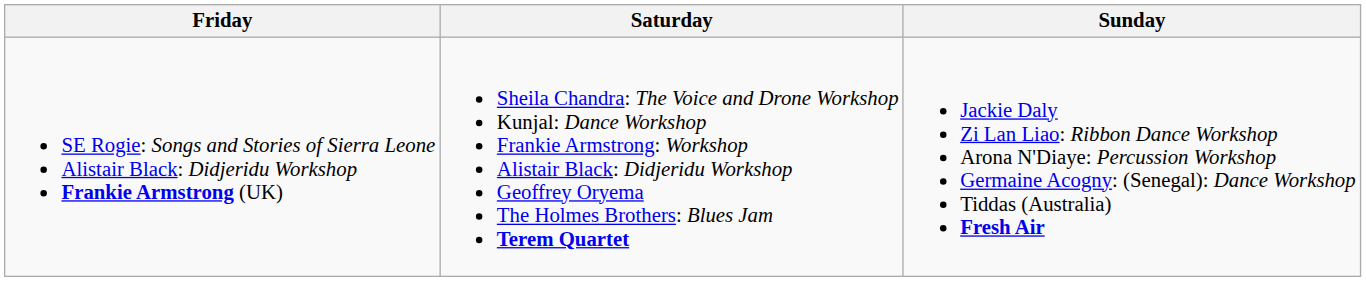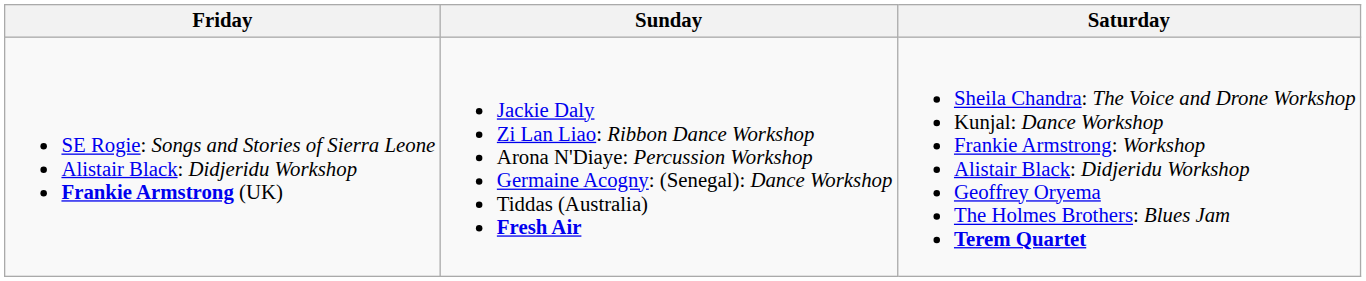 <table class="wikitable">
 <tr>
 <th>Friday</th>
+<th>Sunday</th>
 <th>Saturday</th>
-<th>Sunday</th>
 </tr>
 <tr>
 <td><br><ul><li><a href='#'>SE Rogie</a>: <em>Songs and Stories of Sierra Leone</em></li><li><a href='#'>Alistair Black</a>: <em>Didjeridu Workshop</em></li><li><strong><a href='#'>Frankie Armstrong</a></strong> (UK)</li></ul></td>
+<td><br><ul><li><a href='#'>Jackie Daly</a></li><li><a href='#'>Zi Lan Liao</a>: <em>Ribbon Dance Workshop</em></li><li>Arona N'Diaye: <em>Percussion Workshop</em></li><li><a href='#'>Germaine Acogny</a>: (Senegal): <em>Dance Workshop</em></li><li>Tiddas (Australia)</li><li><strong><a href='#'>Fresh Air</a></strong></li></ul></td>
 <td><br><ul><li><a href='#'>Sheila Chandra</a>: <em>The Voice and Drone Workshop</em></li><li>Kunjal: <em>Dance Workshop</em></li><li><a href='#'>Frankie Armstrong</a>: <em>Workshop</em></li><li><a href='#'>Alistair Black</a>: <em>Didjeridu Workshop</em></li><li><a href='#'>Geoffrey Oryema</a></li><li><a href='#'>The Holmes Brothers</a>: <em>Blues Jam</em></li><li><strong><a href='#'>Terem Quartet</a></strong></li></ul></td>
-<td><br><ul><li><a href='#'>Jackie Daly</a></li><li><a href='#'>Zi Lan Liao</a>: <em>Ribbon Dance Workshop</em></li><li>Arona N'Diaye: <em>Percussion Workshop</em></li><li><a href='#'>Germaine Acogny</a>: (Senegal): <em>Dance Workshop</em></li><li>Tiddas (Australia)</li><li><strong><a href='#'>Fresh Air</a></strong></li></ul></td>
 </tr>
 </table>
